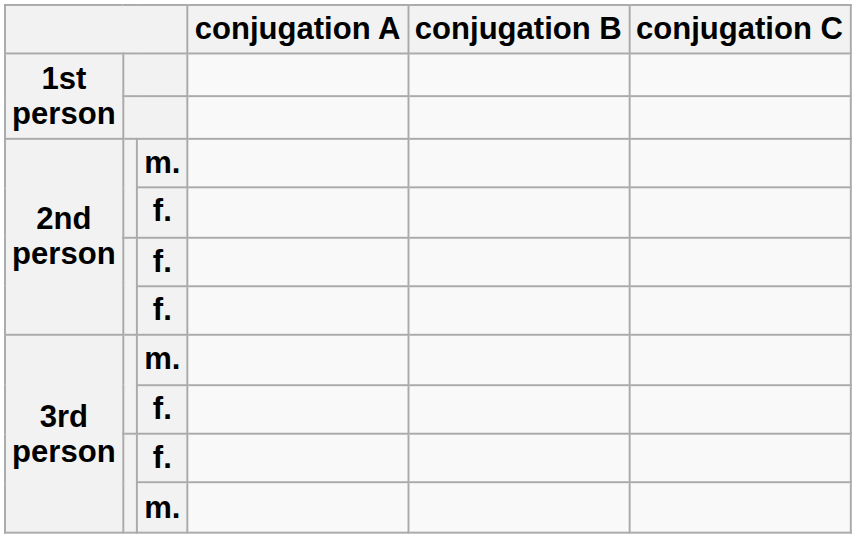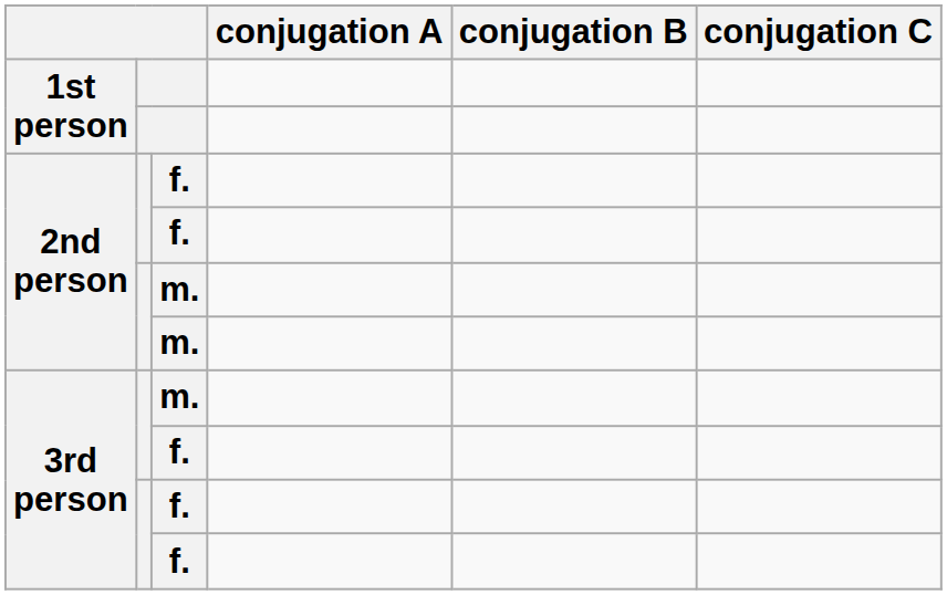 <table class="wikitable">
 <tr>
 <th colspan="3"></th>
 <th>conjugation A</th>
 <th>conjugation B</th>
 <th>conjugation C</th>
 </tr>
 <tr>
 <th rowspan="2">1st<br>person</th>
 <th colspan="2"></th>
 <td></td>
 <td></td>
 <td></td>
 </tr>
 <tr>
 <th colspan="2"></th>
 <td></td>
 <td></td>
 <td></td>
 </tr>
 <tr>
 <th rowspan="4">2nd<br>person</th>
 <th rowspan="2"></th>
-<th>m.</th>
+<th>f.</th>
 <td></td>
 <td></td>
 <td></td>
 </tr>
 <tr>
 <th>f.</th>
 <td></td>
 <td></td>
 <td></td>
 </tr>
 <tr>
 <th rowspan="2"></th>
-<th>f.</th>
+<th>m.</th>
 <td></td>
 <td></td>
 <td></td>
 </tr>
 <tr>
-<th>f.</th>
+<th>m.</th>
 <td></td>
 <td></td>
 <td></td>
 </tr>
 <tr>
 <th rowspan="4">3rd<br>person</th>
 <th rowspan="2"></th>
 <th>m.</th>
 <td></td>
 <td></td>
 <td></td>
 </tr>
 <tr>
 <th>f.</th>
 <td></td>
 <td></td>
 <td></td>
 </tr>
 <tr>
 <th rowspan="2"></th>
 <th>f.</th>
 <td></td>
 <td></td>
 <td></td>
 </tr>
 <tr>
-<th>m.</th>
+<th>f.</th>
 <td></td>
 <td></td>
 <td></td>
 </tr>
 </table>
